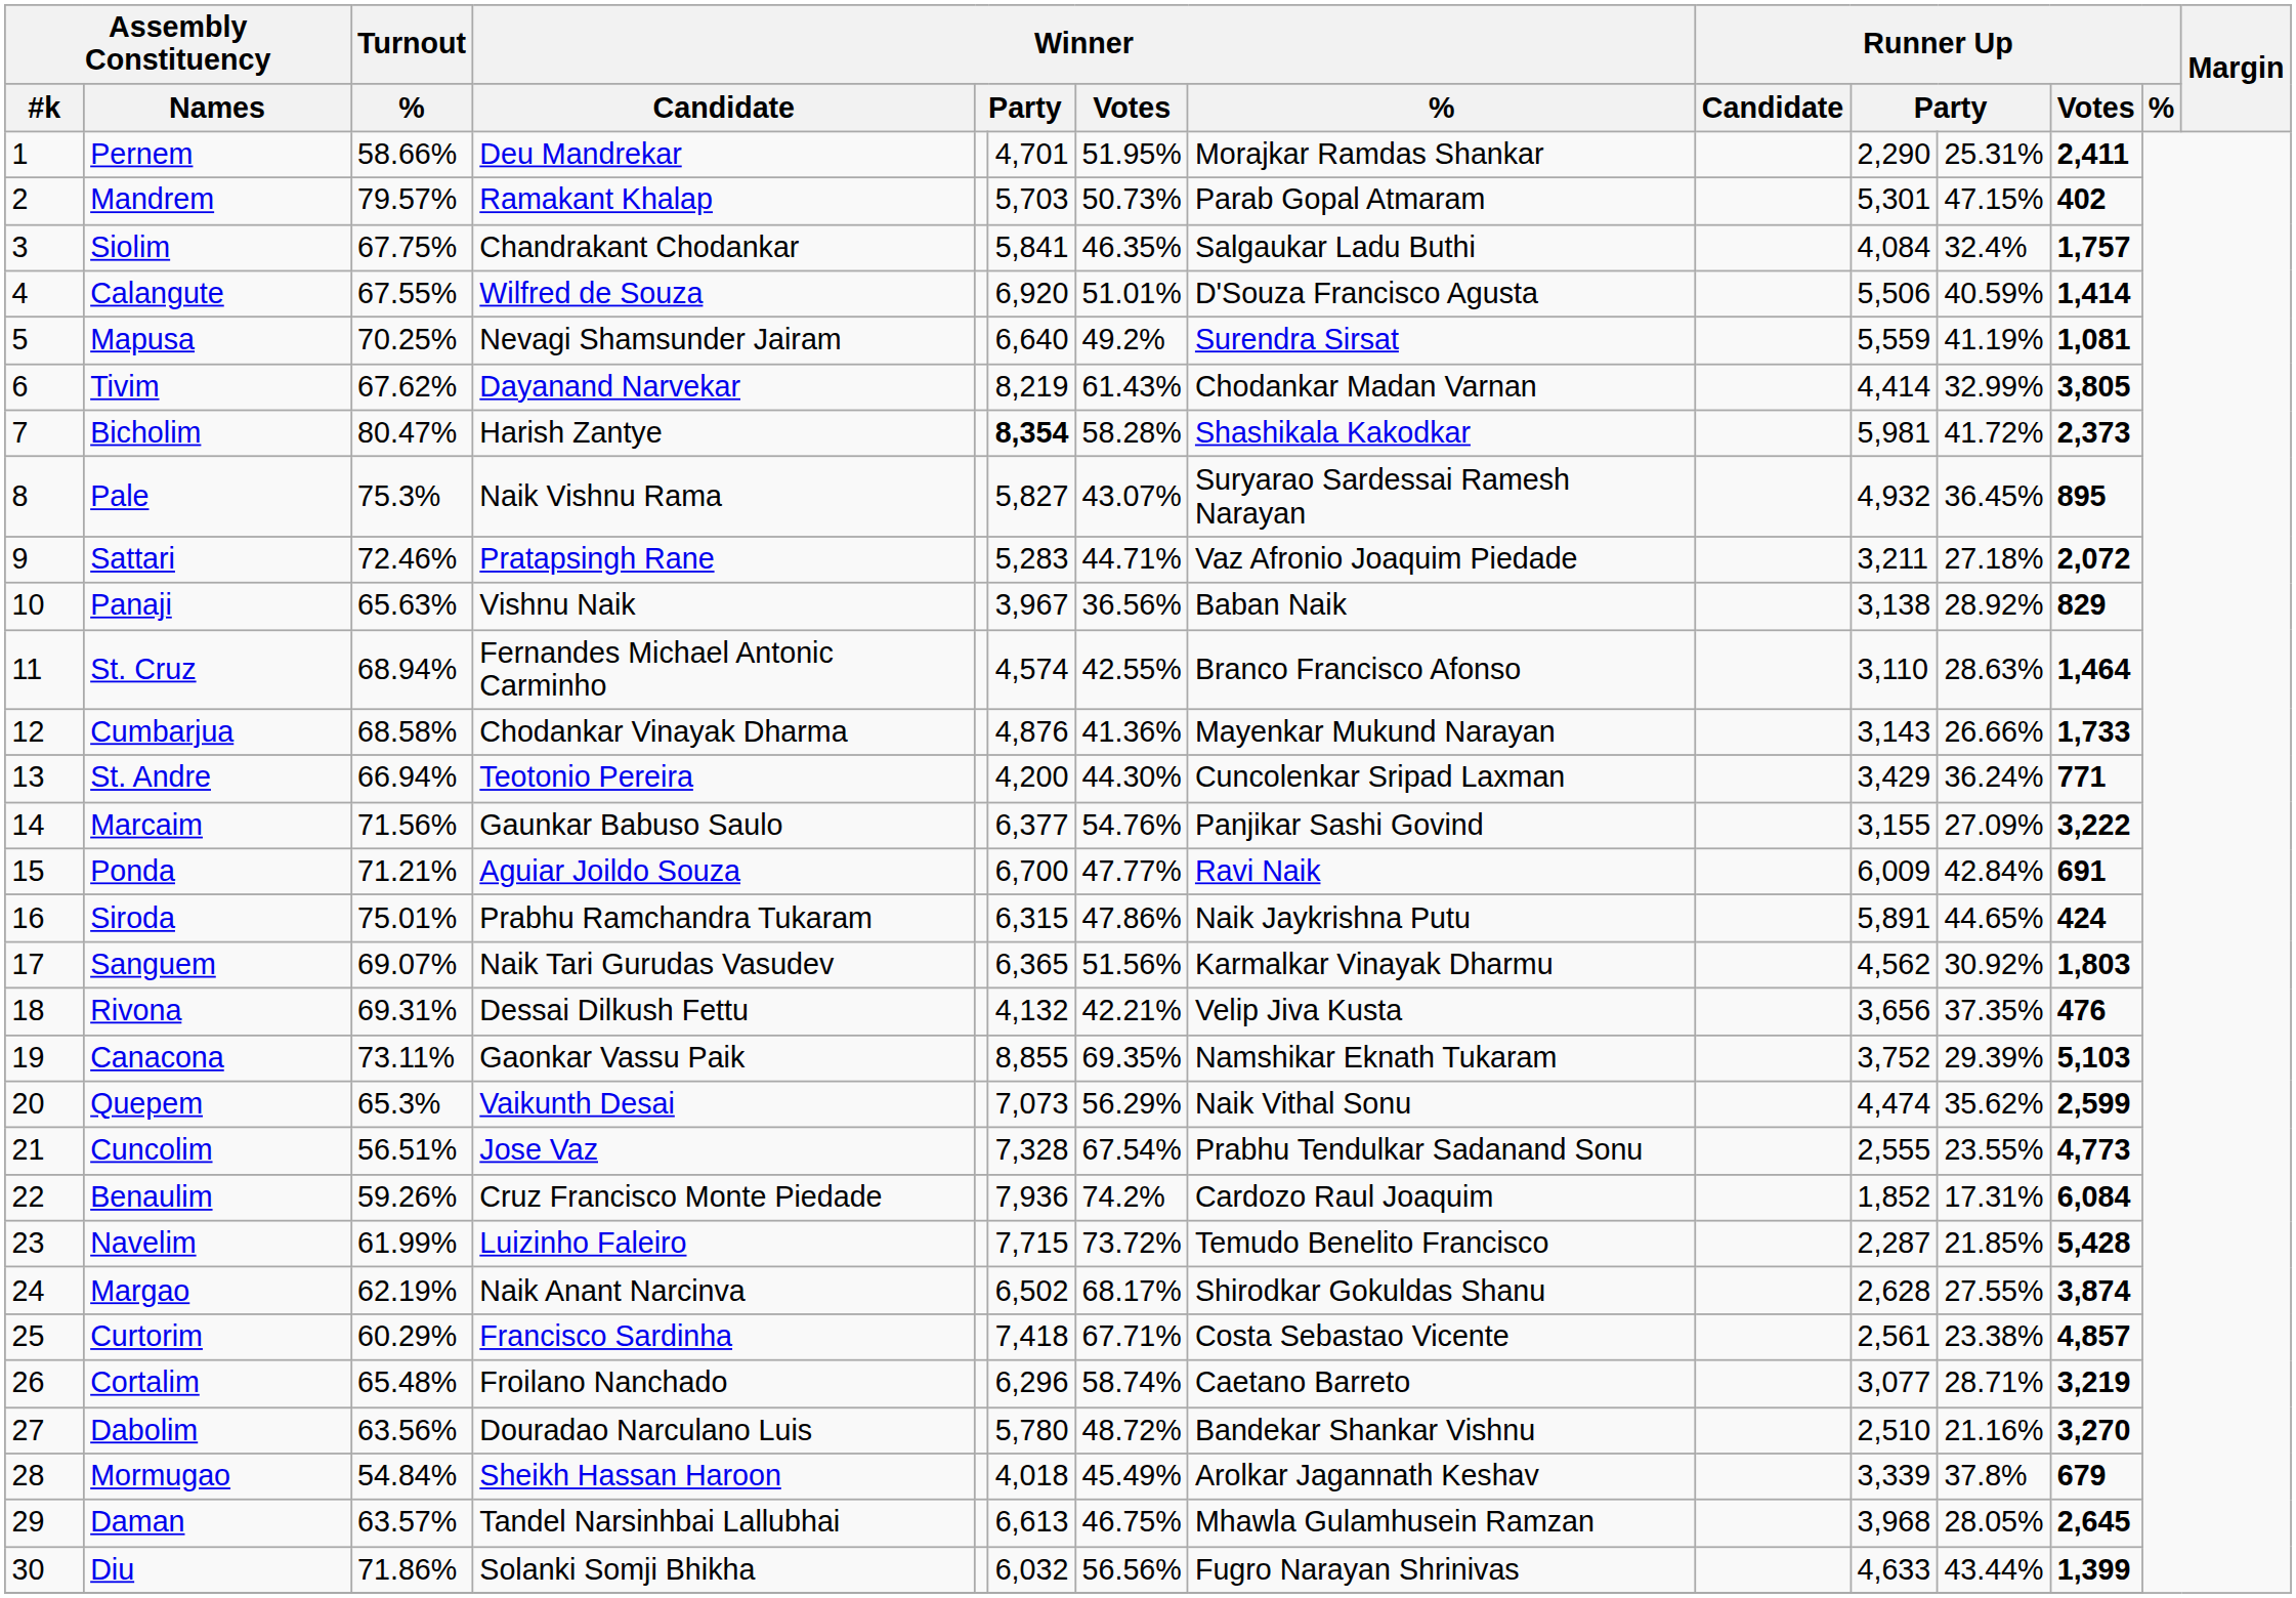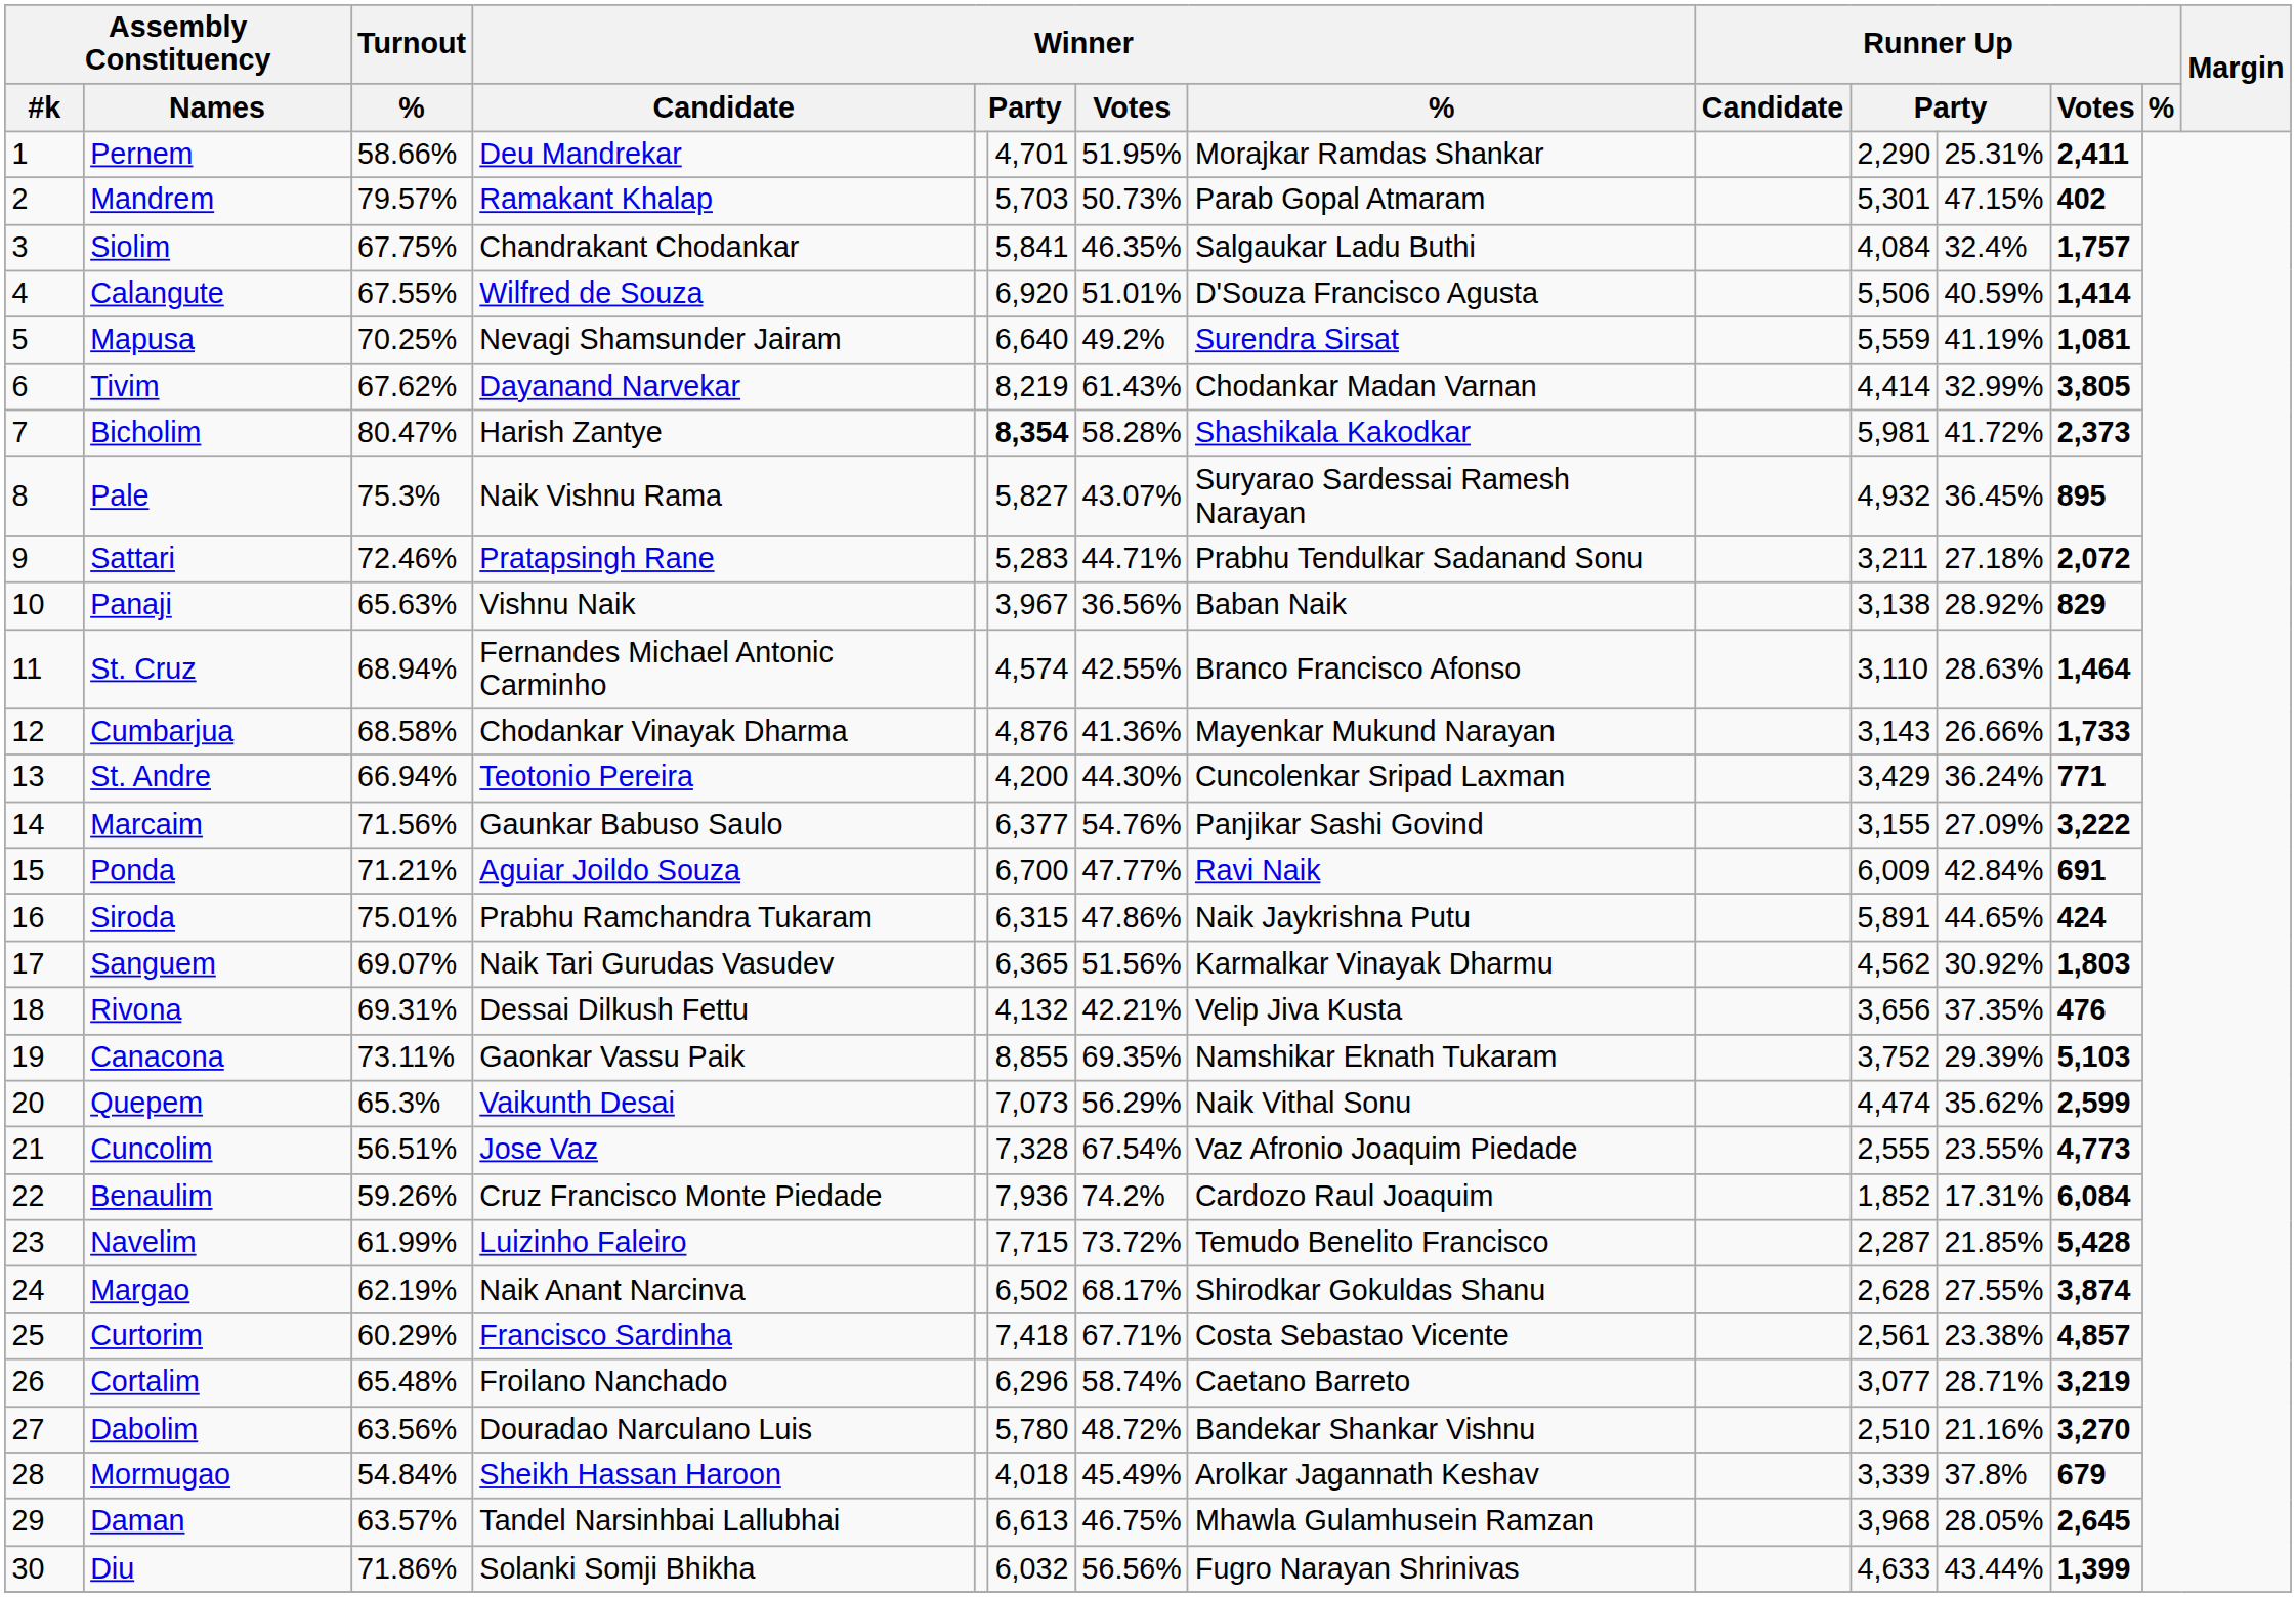 <table class="wikitable sortable">
 <tr>
 <th colspan="2">Assembly Constituency</th>
 <th>Turnout</th>
 <th colspan="5">Winner</th>
 <th colspan="5">Runner Up</th>
 <th rowspan="2" data-sort-type=number>Margin</th>
 </tr>
 <tr>
 <th>#k</th>
 <th>Names</th>
 <th>%</th>
 <th>Candidate</th>
 <th colspan="2">Party</th>
 <th data-sort-type=number>Votes</th>
 <th>%</th>
 <th>Candidate</th>
 <th colspan="2">Party</th>
 <th data-sort-type=number>Votes</th>
 <th>%</th>
 </tr>
 <tr>
 <td>1</td>
 <td><a href='#'>Pernem</a></td>
 <td>58.66%</td>
 <td><a href='#'>Deu Mandrekar</a></td>
 <td></td>
 <td>4,701</td>
 <td>51.95%</td>
 <td>Morajkar Ramdas Shankar</td>
 <td></td>
 <td>2,290</td>
 <td>25.31%</td>
 <td style="background:"><span><strong>2,411</strong></span></td>
 </tr>
 <tr>
 <td>2</td>
 <td><a href='#'>Mandrem</a></td>
 <td>79.57%</td>
 <td><a href='#'>Ramakant Khalap</a></td>
 <td></td>
 <td>5,703</td>
 <td>50.73%</td>
 <td>Parab Gopal Atmaram</td>
 <td></td>
 <td>5,301</td>
 <td>47.15%</td>
 <td style="background:"><span><strong>402</strong></span></td>
 </tr>
 <tr>
 <td>3</td>
 <td><a href='#'>Siolim</a></td>
 <td>67.75%</td>
 <td>Chandrakant Chodankar</td>
 <td></td>
 <td>5,841</td>
 <td>46.35%</td>
 <td>Salgaukar Ladu Buthi</td>
 <td></td>
 <td>4,084</td>
 <td>32.4%</td>
 <td style="background:"><span><strong>1,757</strong></span></td>
 </tr>
 <tr>
 <td>4</td>
 <td><a href='#'>Calangute</a></td>
 <td>67.55%</td>
 <td><a href='#'>Wilfred de Souza</a></td>
 <td></td>
 <td>6,920</td>
 <td>51.01%</td>
 <td>D'Souza Francisco Agusta</td>
 <td></td>
 <td>5,506</td>
 <td>40.59%</td>
 <td style="background:"><span><strong>1,414</strong></span></td>
 </tr>
 <tr>
 <td>5</td>
 <td><a href='#'>Mapusa</a></td>
 <td>70.25%</td>
 <td>Nevagi Shamsunder Jairam</td>
 <td></td>
 <td>6,640</td>
 <td>49.2%</td>
 <td><a href='#'>Surendra Sirsat</a></td>
 <td></td>
 <td>5,559</td>
 <td>41.19%</td>
 <td style="background:"><span><strong>1,081</strong></span></td>
 </tr>
 <tr>
 <td>6</td>
 <td><a href='#'>Tivim</a></td>
 <td>67.62%</td>
 <td><a href='#'>Dayanand Narvekar</a></td>
 <td></td>
 <td>8,219</td>
 <td>61.43%</td>
 <td>Chodankar Madan Varnan</td>
 <td></td>
 <td>4,414</td>
 <td>32.99%</td>
 <td style="background:"><span><strong>3,805</strong></span></td>
 </tr>
 <tr>
 <td>7</td>
 <td><a href='#'>Bicholim</a></td>
 <td>80.47%</td>
 <td>Harish Zantye</td>
 <td></td>
 <td><strong>8,354</strong></td>
 <td>58.28%</td>
 <td><a href='#'>Shashikala Kakodkar</a></td>
 <td></td>
 <td>5,981</td>
 <td>41.72%</td>
 <td style="background:"><span><strong>2,373</strong></span></td>
 </tr>
 <tr>
 <td>8</td>
 <td><a href='#'>Pale</a></td>
 <td>75.3%</td>
 <td>Naik Vishnu Rama</td>
 <td></td>
 <td>5,827</td>
 <td>43.07%</td>
 <td>Suryarao Sardessai Ramesh Narayan</td>
 <td></td>
 <td>4,932</td>
 <td>36.45%</td>
 <td style="background:"><span><strong>895</strong></span></td>
 </tr>
 <tr>
 <td>9</td>
 <td><a href='#'>Sattari</a></td>
 <td>72.46%</td>
 <td><a href='#'>Pratapsingh Rane</a></td>
 <td></td>
 <td>5,283</td>
 <td>44.71%</td>
-<td>Vaz Afronio Joaquim Piedade</td>
+<td>Prabhu Tendulkar Sadanand Sonu</td>
 <td></td>
 <td>3,211</td>
 <td>27.18%</td>
 <td style="background:"><span><strong>2,072</strong></span></td>
 </tr>
 <tr>
 <td>10</td>
 <td><a href='#'>Panaji</a></td>
 <td>65.63%</td>
 <td>Vishnu Naik</td>
 <td></td>
 <td>3,967</td>
 <td>36.56%</td>
 <td>Baban Naik</td>
 <td></td>
 <td>3,138</td>
 <td>28.92%</td>
 <td style="background:"><span><strong>829</strong></span></td>
 </tr>
 <tr>
 <td>11</td>
 <td><a href='#'>St. Cruz</a></td>
 <td>68.94%</td>
 <td>Fernandes Michael Antonic Carminho</td>
 <td></td>
 <td>4,574</td>
 <td>42.55%</td>
 <td>Branco Francisco Afonso</td>
 <td></td>
 <td>3,110</td>
 <td>28.63%</td>
 <td style="background:"><span><strong>1,464</strong></span></td>
 </tr>
 <tr>
 <td>12</td>
 <td><a href='#'>Cumbarjua</a></td>
 <td>68.58%</td>
 <td>Chodankar Vinayak Dharma</td>
 <td></td>
 <td>4,876</td>
 <td>41.36%</td>
 <td>Mayenkar Mukund Narayan</td>
 <td></td>
 <td>3,143</td>
 <td>26.66%</td>
 <td style="background:"><span><strong>1,733</strong></span></td>
 </tr>
 <tr>
 <td>13</td>
 <td><a href='#'>St. Andre</a></td>
 <td>66.94%</td>
 <td><a href='#'>Teotonio Pereira</a></td>
 <td></td>
 <td>4,200</td>
 <td>44.30%</td>
 <td>Cuncolenkar Sripad Laxman</td>
 <td></td>
 <td>3,429</td>
 <td>36.24%</td>
 <td style="background:"><span><strong>771</strong></span></td>
 </tr>
 <tr>
 <td>14</td>
 <td><a href='#'>Marcaim</a></td>
 <td>71.56%</td>
 <td>Gaunkar Babuso Saulo</td>
 <td></td>
 <td>6,377</td>
 <td>54.76%</td>
 <td>Panjikar Sashi Govind</td>
 <td></td>
 <td>3,155</td>
 <td>27.09%</td>
 <td style="background:"><span><strong>3,222</strong></span></td>
 </tr>
 <tr>
 <td>15</td>
 <td><a href='#'>Ponda</a></td>
 <td>71.21%</td>
 <td><a href='#'>Aguiar Joildo Souza</a></td>
 <td></td>
 <td>6,700</td>
 <td>47.77%</td>
 <td><a href='#'>Ravi Naik</a></td>
 <td></td>
 <td>6,009</td>
 <td>42.84%</td>
 <td style="background:"><span><strong>691</strong></span></td>
 </tr>
 <tr>
 <td>16</td>
 <td><a href='#'>Siroda</a></td>
 <td>75.01%</td>
 <td>Prabhu Ramchandra Tukaram</td>
 <td></td>
 <td>6,315</td>
 <td>47.86%</td>
 <td>Naik Jaykrishna Putu</td>
 <td></td>
 <td>5,891</td>
 <td>44.65%</td>
 <td style="background:"><span><strong>424</strong></span></td>
 </tr>
 <tr>
 <td>17</td>
 <td><a href='#'>Sanguem</a></td>
 <td>69.07%</td>
 <td>Naik Tari Gurudas Vasudev</td>
 <td></td>
 <td>6,365</td>
 <td>51.56%</td>
 <td>Karmalkar Vinayak Dharmu</td>
 <td></td>
 <td>4,562</td>
 <td>30.92%</td>
 <td style="background:"><span><strong>1,803</strong></span></td>
 </tr>
 <tr>
 <td>18</td>
 <td><a href='#'>Rivona</a></td>
 <td>69.31%</td>
 <td>Dessai Dilkush Fettu</td>
 <td></td>
 <td>4,132</td>
 <td>42.21%</td>
 <td>Velip Jiva Kusta</td>
 <td></td>
 <td>3,656</td>
 <td>37.35%</td>
 <td style="background:"><span><strong>476</strong></span></td>
 </tr>
 <tr>
 <td>19</td>
 <td><a href='#'>Canacona</a></td>
 <td>73.11%</td>
 <td>Gaonkar Vassu Paik</td>
 <td></td>
 <td>8,855</td>
 <td>69.35%</td>
 <td>Namshikar Eknath Tukaram</td>
 <td></td>
 <td>3,752</td>
 <td>29.39%</td>
 <td style="background:"><span><strong>5,103</strong></span></td>
 </tr>
 <tr>
 <td>20</td>
 <td><a href='#'>Quepem</a></td>
 <td>65.3%</td>
 <td><a href='#'>Vaikunth Desai</a></td>
 <td></td>
 <td>7,073</td>
 <td>56.29%</td>
 <td>Naik Vithal Sonu</td>
 <td></td>
 <td>4,474</td>
 <td>35.62%</td>
 <td style="background:"><span><strong>2,599</strong></span></td>
 </tr>
 <tr>
 <td>21</td>
 <td><a href='#'>Cuncolim</a></td>
 <td>56.51%</td>
 <td><a href='#'>Jose Vaz</a></td>
 <td></td>
 <td>7,328</td>
 <td>67.54%</td>
-<td>Prabhu Tendulkar Sadanand Sonu</td>
+<td>Vaz Afronio Joaquim Piedade</td>
 <td></td>
 <td>2,555</td>
 <td>23.55%</td>
 <td style="background:"><span><strong>4,773</strong></span></td>
 </tr>
 <tr>
 <td>22</td>
 <td><a href='#'>Benaulim</a></td>
 <td>59.26%</td>
 <td>Cruz Francisco Monte Piedade</td>
 <td></td>
 <td>7,936</td>
 <td>74.2%</td>
 <td>Cardozo Raul Joaquim</td>
 <td></td>
 <td>1,852</td>
 <td>17.31%</td>
 <td style="background:"><span><strong>6,084</strong></span></td>
 </tr>
 <tr>
 <td>23</td>
 <td><a href='#'>Navelim</a></td>
 <td>61.99%</td>
 <td><a href='#'>Luizinho Faleiro</a></td>
 <td></td>
 <td>7,715</td>
 <td>73.72%</td>
 <td>Temudo Benelito Francisco</td>
 <td></td>
 <td>2,287</td>
 <td>21.85%</td>
 <td style="background:"><span><strong>5,428</strong></span></td>
 </tr>
 <tr>
 <td>24</td>
 <td><a href='#'>Margao</a></td>
 <td>62.19%</td>
 <td>Naik Anant Narcinva</td>
 <td></td>
 <td>6,502</td>
 <td>68.17%</td>
 <td>Shirodkar Gokuldas Shanu</td>
 <td></td>
 <td>2,628</td>
 <td>27.55%</td>
 <td style="background:"><span><strong>3,874</strong></span></td>
 </tr>
 <tr>
 <td>25</td>
 <td><a href='#'>Curtorim</a></td>
 <td>60.29%</td>
 <td><a href='#'>Francisco Sardinha</a></td>
 <td></td>
 <td>7,418</td>
 <td>67.71%</td>
 <td>Costa Sebastao Vicente</td>
 <td></td>
 <td>2,561</td>
 <td>23.38%</td>
 <td style="background:"><span><strong>4,857</strong></span></td>
 </tr>
 <tr>
 <td>26</td>
 <td><a href='#'>Cortalim</a></td>
 <td>65.48%</td>
 <td>Froilano Nanchado</td>
 <td></td>
 <td>6,296</td>
 <td>58.74%</td>
 <td>Caetano Barreto</td>
 <td></td>
 <td>3,077</td>
 <td>28.71%</td>
 <td style="background:"><span><strong>3,219</strong></span></td>
 </tr>
 <tr>
 <td>27</td>
 <td><a href='#'>Dabolim</a></td>
 <td>63.56%</td>
 <td>Douradao Narculano Luis</td>
 <td></td>
 <td>5,780</td>
 <td>48.72%</td>
 <td>Bandekar Shankar Vishnu</td>
 <td></td>
 <td>2,510</td>
 <td>21.16%</td>
 <td style="background:"><span><strong>3,270</strong></span></td>
 </tr>
 <tr>
 <td>28</td>
 <td><a href='#'>Mormugao</a></td>
 <td>54.84%</td>
 <td><a href='#'>Sheikh Hassan Haroon</a></td>
 <td></td>
 <td>4,018</td>
 <td>45.49%</td>
 <td>Arolkar Jagannath Keshav</td>
 <td></td>
 <td>3,339</td>
 <td>37.8%</td>
 <td style="background:"><span><strong>679</strong></span></td>
 </tr>
 <tr>
 <td>29</td>
 <td><a href='#'>Daman</a></td>
 <td>63.57%</td>
 <td>Tandel Narsinhbai Lallubhai</td>
 <td></td>
 <td>6,613</td>
 <td>46.75%</td>
 <td>Mhawla Gulamhusein Ramzan</td>
 <td></td>
 <td>3,968</td>
 <td>28.05%</td>
 <td style="background:"><span><strong>2,645</strong></span></td>
 </tr>
 <tr>
 <td>30</td>
 <td><a href='#'>Diu</a></td>
 <td>71.86%</td>
 <td>Solanki Somji Bhikha</td>
 <td></td>
 <td>6,032</td>
 <td>56.56%</td>
 <td>Fugro Narayan Shrinivas</td>
 <td></td>
 <td>4,633</td>
 <td>43.44%</td>
 <td style="background:"><span><strong>1,399</strong></span></td>
 </tr>
 <tr>
 </tr>
 </table>
